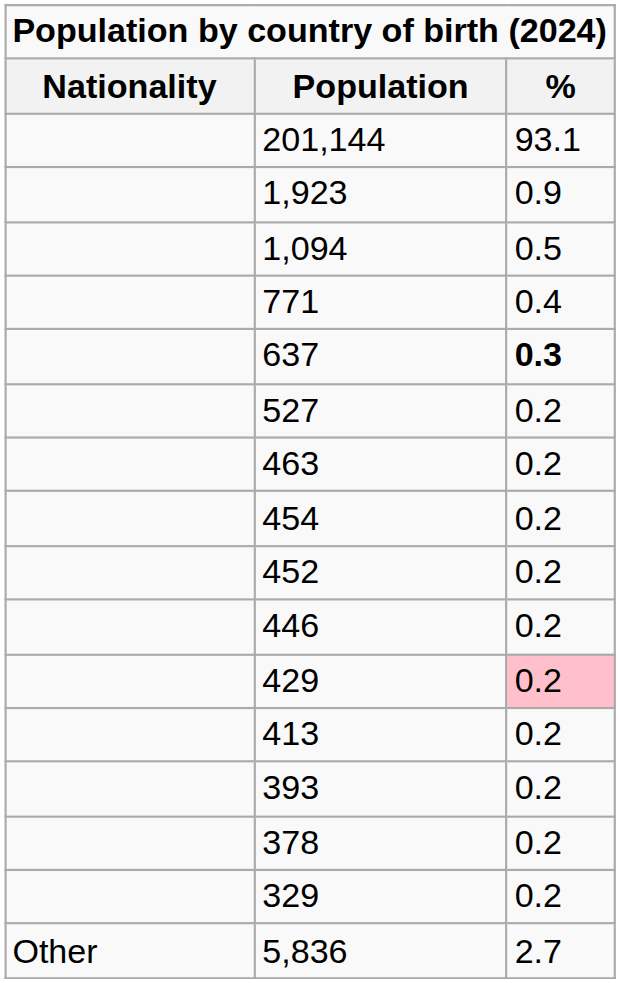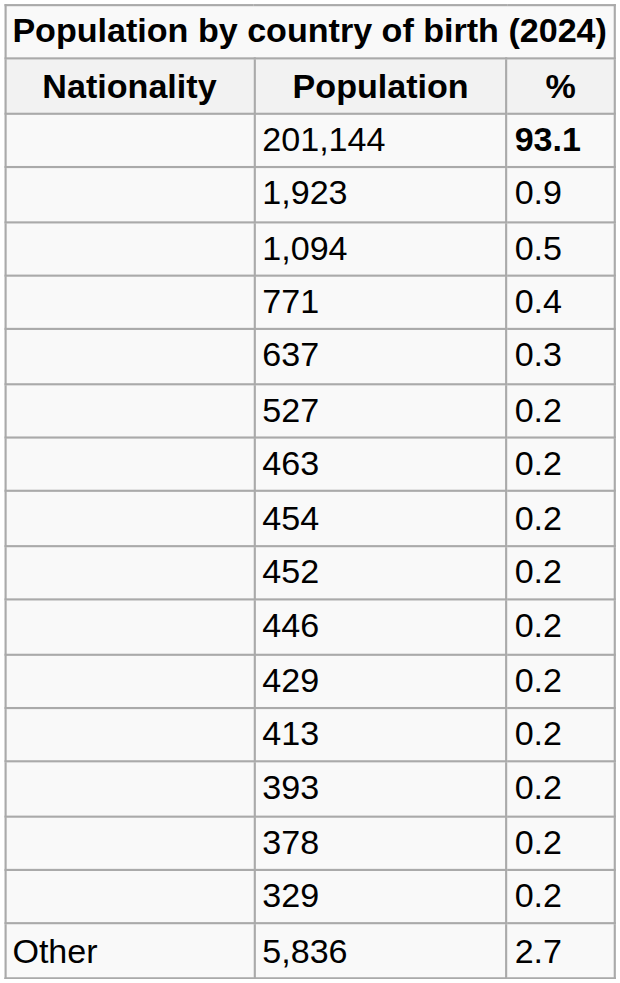 <table class="wikitable" style="float:right;">
 <tr>
 <td colspan="3"><strong>Population by country of birth (2024)</strong></td>
 </tr>
 <tr \>
 <th>Nationality</th>
 <th>Population</th>
 <th>%</th>
 </tr>
 <tr>
 <td></td>
 <td>201,144</td>
-<td>93.1</td>
+<td><strong>93.1</strong></td>
 </tr>
 <tr>
 <td></td>
 <td>1,923</td>
 <td>0.9</td>
 </tr>
 <tr>
 <td></td>
 <td>1,094</td>
 <td>0.5</td>
 </tr>
 <tr>
 <td></td>
 <td>771</td>
 <td>0.4</td>
 </tr>
 <tr>
 <td></td>
 <td>637</td>
-<td><strong>0.3</strong></td>
+<td>0.3</td>
 </tr>
 <tr>
 <td></td>
 <td>527</td>
 <td>0.2</td>
 </tr>
 <tr>
 <td></td>
 <td>463</td>
 <td>0.2</td>
 </tr>
 <tr>
 <td></td>
 <td>454</td>
 <td>0.2</td>
 </tr>
 <tr>
 <td></td>
 <td>452</td>
 <td>0.2</td>
 </tr>
 <tr>
 <td></td>
 <td>446</td>
 <td>0.2</td>
 </tr>
 <tr>
 <td></td>
 <td>429</td>
-<td style="background: pink;">0.2</td>
+<td>0.2</td>
 </tr>
 <tr>
 <td></td>
 <td>413</td>
 <td>0.2</td>
 </tr>
 <tr>
 <td></td>
 <td>393</td>
 <td>0.2</td>
 </tr>
 <tr>
 <td></td>
 <td>378</td>
 <td>0.2</td>
 </tr>
 <tr>
 <td></td>
 <td>329</td>
 <td>0.2</td>
 </tr>
 <tr>
 <td>Other</td>
 <td>5,836</td>
 <td>2.7</td>
 </tr>
 <tr>
 </tr>
 </table>
